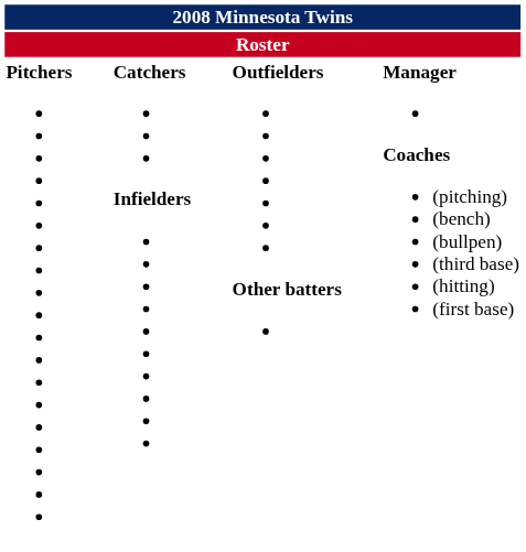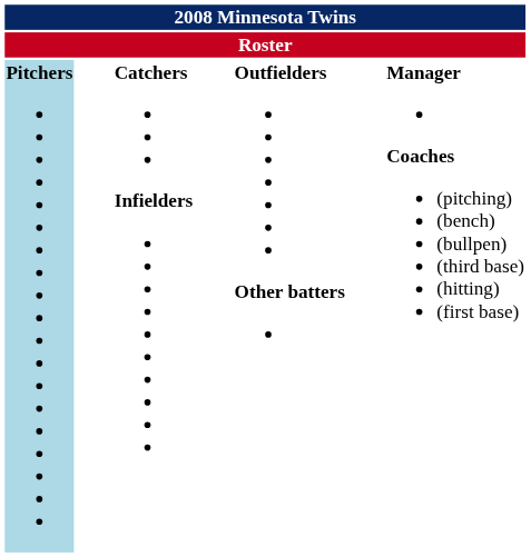 <table class="toccolours" style="font-size: 95%;">
 <tr>
 <th colspan="10" style="background:#072764; color:#fff; text-align:center;">2008 Minnesota Twins</th>
 </tr>
 <tr>
 <td colspan="10" style="background:#c6011f; color:white; text-align:center;"><strong>Roster</strong></td>
 </tr>
 <tr>
-<td valign="top"><strong>Pitchers</strong><br><ul><li></li><li></li><li></li><li></li><li></li><li></li><li></li><li></li><li></li><li></li><li></li><li></li><li></li><li></li><li></li><li></li><li></li><li></li><li></li></ul></td>
+<td valign="top" style="background: lightblue;"><strong>Pitchers</strong><br><ul><li></li><li></li><li></li><li></li><li></li><li></li><li></li><li></li><li></li><li></li><li></li><li></li><li></li><li></li><li></li><li></li><li></li><li></li><li></li></ul></td>
 <td style="width:25px;"></td>
 <td valign="top"><strong>Catchers</strong><br><ul><li></li><li></li><li></li></ul><strong>Infielders</strong><ul><li></li><li></li><li></li><li></li><li></li><li></li><li></li><li></li><li></li><li></li></ul></td>
 <td style="width:25px;"></td>
 <td valign="top"><strong>Outfielders</strong><br><ul><li></li><li></li><li></li><li></li><li></li><li></li><li></li></ul><strong>Other batters</strong><ul><li></li></ul></td>
 <td style="width:25px;"></td>
 <td valign="top"><strong>Manager</strong><br><ul><li></li></ul><strong>Coaches</strong><ul><li> (pitching)</li><li> (bench)</li><li> (bullpen)</li><li> (third base)</li><li> (hitting)</li><li> (first base)</li></ul></td>
 </tr>
 </table>
